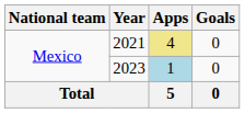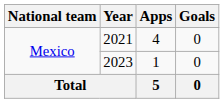 <table class="wikitable" style="text-align: center;">
 <tr>
 <th>National team</th>
 <th>Year</th>
 <th>Apps</th>
 <th>Goals</th>
 </tr>
 <tr>
 <td rowspan="2" valign="center"><a href='#'>Mexico</a></td>
 <td>2021</td>
-<td style="background: khaki;">4</td>
+<td>4</td>
 <td>0</td>
 </tr>
 <tr>
 <td>2023</td>
-<td style="background: lightblue;">1</td>
+<td>1</td>
 <td>0</td>
 </tr>
 <tr>
 <th colspan="2">Total</th>
 <th>5</th>
 <th>0</th>
 </tr>
 </table>
